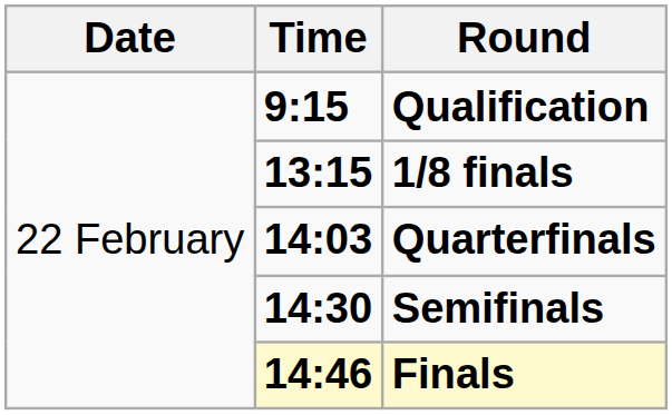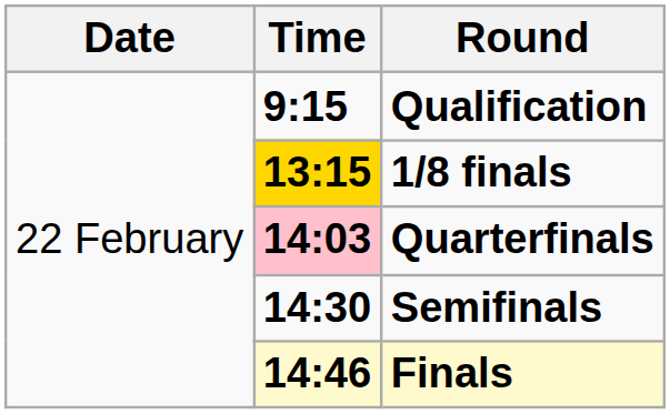 <table class="wikitable">
 <tr>
 <th>Date</th>
 <th>Time</th>
 <th>Round</th>
 </tr>
 <tr>
 <td rowspan=5>22 February</td>
 <td><strong>9:15</strong></td>
 <td><strong>Qualification</strong></td>
 </tr>
 <tr>
-<td><strong>13:15</strong></td>
+<td style="background: gold;"><strong>13:15</strong></td>
 <td><strong>1/8 finals</strong></td>
 </tr>
 <tr>
-<td><strong>14:03</strong></td>
+<td style="background: pink;"><strong>14:03</strong></td>
 <td><strong>Quarterfinals</strong></td>
 </tr>
 <tr>
 <td><strong>14:30</strong></td>
 <td><strong>Semifinals</strong></td>
 </tr>
 <tr style=background:lemonchiffon>
 <td><strong>14:46</strong></td>
 <td><strong>Finals</strong></td>
 </tr>
 </table>
